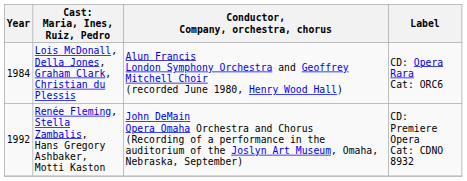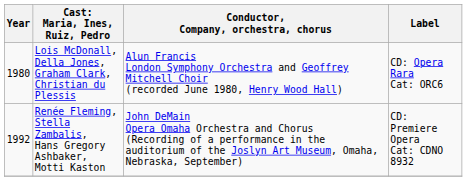 <table class="wikitable">
 <tr>
 <th>Year</th>
 <th>Cast:<br>Maria, Ines, Ruiz, Pedro</th>
 <th>Conductor,<br>Company, orchestra, chorus</th>
 <th>Label</th>
 </tr>
 <tr>
-<td>1984</td>
+<td>1980</td>
 <td><a href='#'>Lois McDonall</a>,<br><a href='#'>Della Jones</a>,<br><a href='#'>Graham Clark</a>,<br><a href='#'>Christian du Plessis</a></td>
 <td><a href='#'>Alun Francis</a><br><a href='#'>London Symphony Orchestra</a> and <a href='#'>Geoffrey Mitchell Choir</a><br>(recorded June 1980, <a href='#'>Henry Wood Hall</a>)</td>
 <td>CD: <a href='#'>Opera Rara</a><br>Cat: ORC6</td>
 </tr>
 <tr>
 <td>1992</td>
 <td><a href='#'>Renée Fleming</a>,<br><a href='#'>Stella Zambalis</a>,<br>Hans Gregory Ashbaker,<br>Motti Kaston</td>
 <td><a href='#'>John DeMain</a><br><a href='#'>Opera Omaha</a> Orchestra and Chorus<br>(Recording of a performance in the auditorium of the <a href='#'>Joslyn Art Museum</a>, Omaha, Nebraska, September)</td>
 <td>CD: Premiere Opera<br>Cat: CDNO 8932</td>
 </tr>
 <tr>
 </tr>
 </table>
